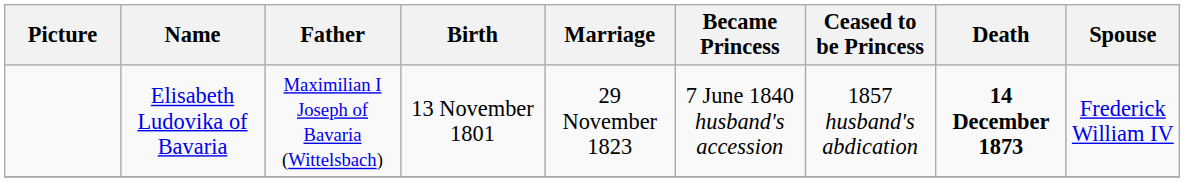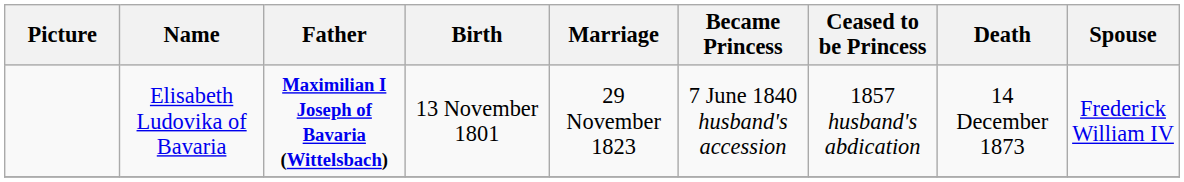 <table width=95% class="wikitable">
 <tr>
 <th width = "8%">Picture</th>
 <th width = "10%">Name</th>
 <th width = "9%">Father</th>
 <th width = "10%">Birth</th>
 <th width = "9%">Marriage</th>
 <th width = "9%">Became Princess</th>
 <th width = "9%">Ceased to be Princess</th>
 <th width = "9%">Death</th>
 <th width = "6%">Spouse</th>
 </tr>
 <tr>
 <td align="center"></td>
 <td align="center"><a href='#'>Elisabeth Ludovika of Bavaria</a></td>
-<td align="center"><small><a href='#'>Maximilian I Joseph of Bavaria</a><br>(<a href='#'>Wittelsbach</a>)</small></td>
+<td align="center"><strong><small><a href='#'>Maximilian I Joseph of Bavaria</a><br>(<a href='#'>Wittelsbach</a>)</small></strong></td>
 <td align="center">13 November 1801</td>
 <td align="center">29 November 1823</td>
 <td align="center">7 June 1840<br><em>husband's accession</em></td>
 <td align="center">1857<br><em>husband's abdication</em></td>
-<td align="center"><strong>14 December 1873</strong></td>
+<td align="center">14 December 1873</td>
 <td align="center"><a href='#'>Frederick William IV</a></td>
 </tr>
 <tr>
 </tr>
 </table>
